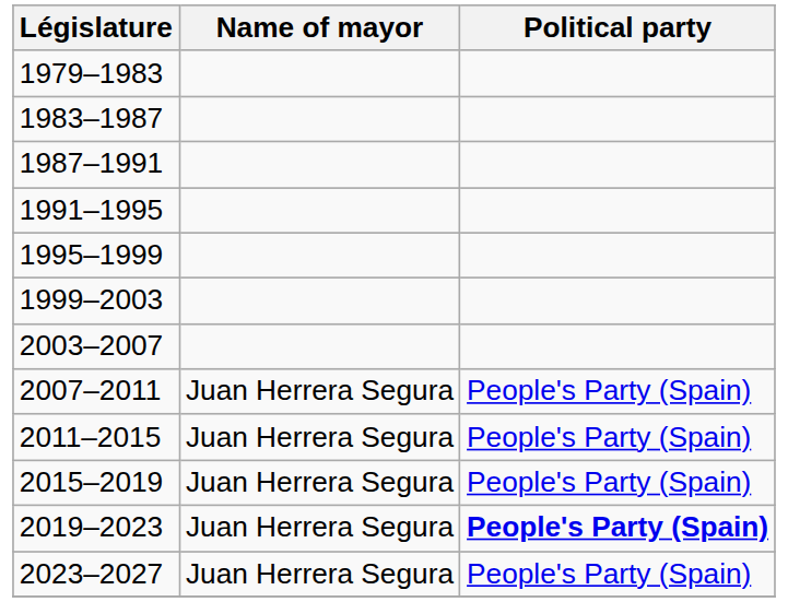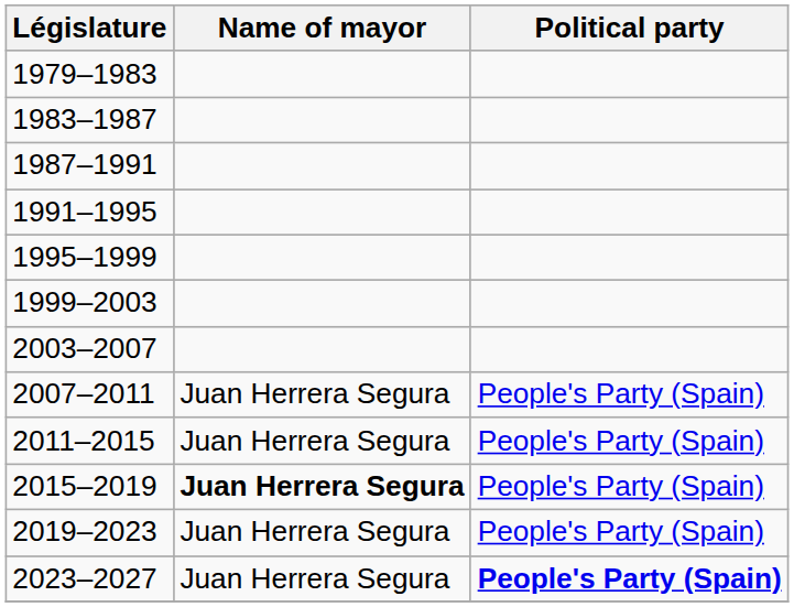 <table class="wikitable" style="margin:1em auto;">
 <tr>
 <th>Législature</th>
 <th>Name of mayor</th>
 <th>Political party</th>
 </tr>
 <tr>
 <td>1979–1983</td>
 <td></td>
 <td></td>
 </tr>
 <tr>
 <td>1983–1987</td>
 <td></td>
 <td></td>
 </tr>
 <tr>
 <td>1987–1991</td>
 <td></td>
 <td></td>
 </tr>
 <tr>
 <td>1991–1995</td>
 <td></td>
 <td></td>
 </tr>
 <tr>
 <td>1995–1999</td>
 <td></td>
 <td></td>
 </tr>
 <tr>
 <td>1999–2003</td>
 <td></td>
 <td></td>
 </tr>
 <tr>
 <td>2003–2007</td>
 <td></td>
 <td></td>
 </tr>
 <tr>
 <td>2007–2011</td>
 <td>Juan Herrera Segura</td>
 <td><a href='#'>People's Party (Spain)</a></td>
 </tr>
 <tr>
 <td>2011–2015</td>
 <td>Juan Herrera Segura</td>
 <td><a href='#'>People's Party (Spain)</a></td>
 </tr>
 <tr>
 <td>2015–2019</td>
-<td>Juan Herrera Segura</td>
+<td><strong>Juan Herrera Segura</strong></td>
 <td><a href='#'>People's Party (Spain)</a></td>
 </tr>
 <tr>
 <td>2019–2023</td>
 <td>Juan Herrera Segura</td>
-<td><strong><a href='#'>People's Party (Spain)</a></strong></td>
+<td><a href='#'>People's Party (Spain)</a></td>
 </tr>
 <tr>
 <td>2023–2027</td>
 <td>Juan Herrera Segura</td>
-<td><a href='#'>People's Party (Spain)</a></td>
+<td><strong><a href='#'>People's Party (Spain)</a></strong></td>
 </tr>
 <tr>
 </tr>
 </table>
